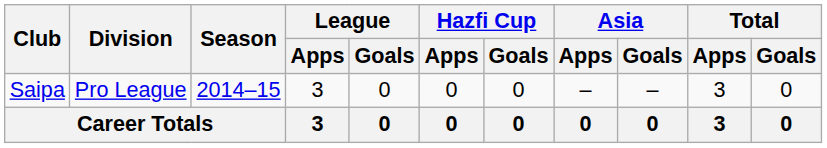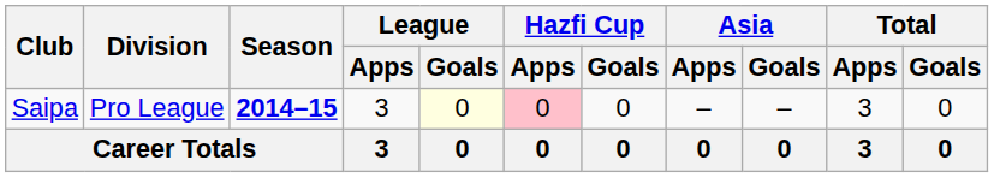 <table class="wikitable" style="text-align: center;">
 <tr>
 <th rowspan="2">Club</th>
 <th rowspan="2">Division</th>
 <th rowspan="2">Season</th>
 <th colspan="2">League</th>
 <th colspan="2"><a href='#'>Hazfi Cup</a></th>
 <th colspan="2"><a href='#'>Asia</a></th>
 <th colspan="2">Total</th>
 </tr>
 <tr>
 <th>Apps</th>
 <th>Goals</th>
 <th>Apps</th>
 <th>Goals</th>
 <th>Apps</th>
 <th>Goals</th>
 <th>Apps</th>
 <th>Goals</th>
 </tr>
 <tr>
 <td><a href='#'>Saipa</a></td>
 <td><a href='#'>Pro League</a></td>
-<td><a href='#'>2014–15</a></td>
+<td><strong><a href='#'>2014–15</a></strong></td>
 <td>3</td>
-<td>0</td>
-<td>0</td>
+<td style="background: lightyellow;">0</td>
+<td style="background: pink;">0</td>
 <td>0</td>
 <td>–</td>
 <td>–</td>
 <td>3</td>
 <td>0</td>
 </tr>
 <tr>
 <th colspan=3>Career Totals</th>
 <th>3</th>
 <th>0</th>
 <th>0</th>
 <th>0</th>
 <th>0</th>
 <th>0</th>
 <th>3</th>
 <th>0</th>
 </tr>
 </table>
